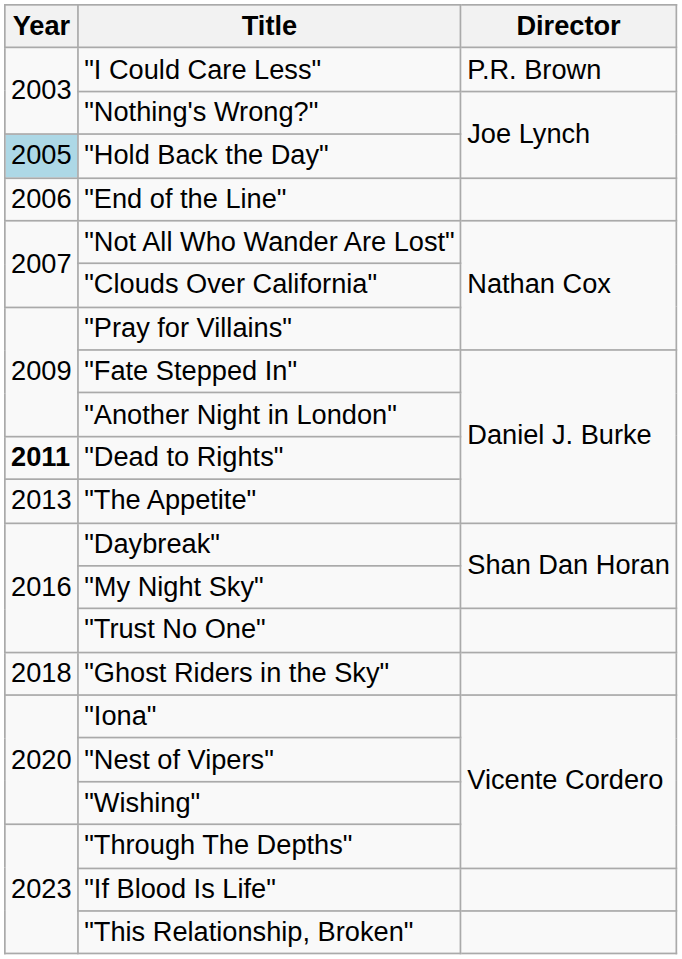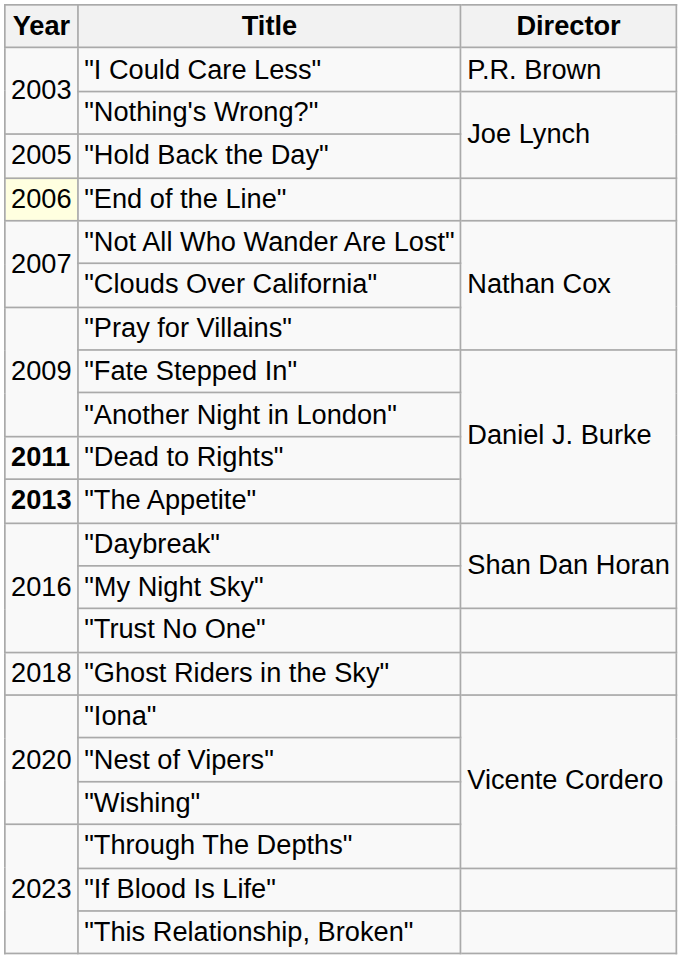 <table class="wikitable">
 <tr>
 <th>Year</th>
 <th>Title</th>
 <th>Director</th>
 </tr>
 <tr>
 <td rowspan="2">2003</td>
 <td>"I Could Care Less"</td>
 <td>P.R. Brown</td>
 </tr>
 <tr>
 <td>"Nothing's Wrong?"</td>
 <td rowspan="2">Joe Lynch</td>
 </tr>
 <tr>
-<td style="background: lightblue;">2005</td>
+<td>2005</td>
 <td>"Hold Back the Day"</td>
 </tr>
 <tr>
-<td>2006</td>
+<td style="background: lightyellow;">2006</td>
 <td>"End of the Line"</td>
 <td></td>
 </tr>
 <tr>
 <td rowspan="2">2007</td>
 <td>"Not All Who Wander Are Lost"</td>
 <td rowspan="3">Nathan Cox</td>
 </tr>
 <tr>
 <td>"Clouds Over California"</td>
 </tr>
 <tr>
 <td rowspan="3">2009</td>
 <td>"Pray for Villains"</td>
 </tr>
 <tr>
 <td>"Fate Stepped In"</td>
 <td rowspan="4">Daniel J. Burke</td>
 </tr>
 <tr>
 <td>"Another Night in London"</td>
 </tr>
 <tr>
 <td><strong>2011</strong></td>
 <td>"Dead to Rights"</td>
 </tr>
 <tr>
-<td>2013</td>
+<td><strong>2013</strong></td>
 <td>"The Appetite"</td>
 </tr>
 <tr>
 <td rowspan="3">2016</td>
 <td>"Daybreak"</td>
 <td rowspan="2">Shan Dan Horan</td>
 </tr>
 <tr>
 <td>"My Night Sky"</td>
 </tr>
 <tr>
 <td>"Trust No One"</td>
 <td></td>
 </tr>
 <tr>
 <td>2018</td>
 <td>"Ghost Riders in the Sky"</td>
 <td></td>
 </tr>
 <tr>
 <td rowspan="3">2020</td>
 <td>"Iona"</td>
 <td rowspan="4">Vicente Cordero</td>
 </tr>
 <tr>
 <td>"Nest of Vipers"</td>
 </tr>
 <tr>
 <td>"Wishing"</td>
 </tr>
 <tr>
 <td rowspan="3">2023</td>
 <td>"Through The Depths"</td>
 </tr>
 <tr>
 <td>"If Blood Is Life"</td>
 <td></td>
 </tr>
 <tr>
 <td>"This Relationship, Broken"</td>
 <td></td>
 </tr>
 </table>
